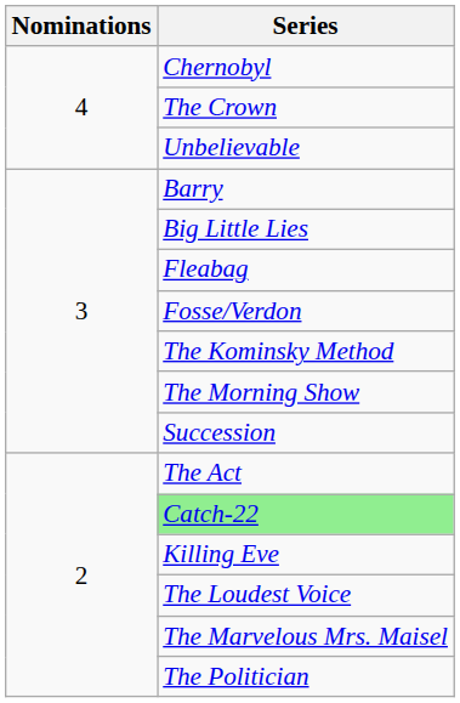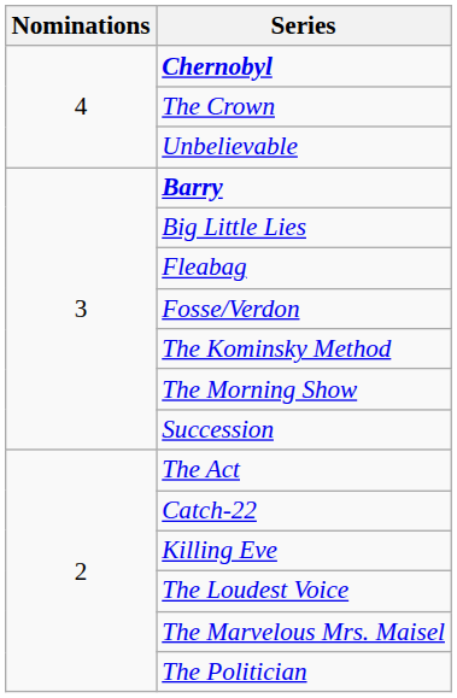 <table class="wikitable">
 <tr>
 <th scope="col" style="width:55px;">Nominations</th>
 <th scope="col" style="text-align:center;">Series</th>
 </tr>
 <tr>
 <td rowspan="3" style="text-align:center">4</td>
-<td><em><a href='#'>Chernobyl</a></em></td>
+<td><strong><em><a href='#'>Chernobyl</a></em></strong></td>
 </tr>
 <tr>
 <td><em><a href='#'>The Crown</a></em></td>
 </tr>
 <tr>
 <td><em><a href='#'>Unbelievable</a></em></td>
 </tr>
 <tr>
 <td rowspan="7" style="text-align:center">3</td>
-<td><em><a href='#'>Barry</a></em></td>
+<td><strong><em><a href='#'>Barry</a></em></strong></td>
 </tr>
 <tr>
 <td><em><a href='#'>Big Little Lies</a></em></td>
 </tr>
 <tr>
 <td><em><a href='#'>Fleabag</a></em></td>
 </tr>
 <tr>
 <td><em><a href='#'>Fosse/Verdon</a></em></td>
 </tr>
 <tr>
 <td><em><a href='#'>The Kominsky Method</a></em></td>
 </tr>
 <tr>
 <td><em><a href='#'>The Morning Show</a></em></td>
 </tr>
 <tr>
 <td><em><a href='#'>Succession</a></em></td>
 </tr>
 <tr>
 <td rowspan="6" style="text-align:center">2</td>
 <td><em><a href='#'>The Act</a></em></td>
 </tr>
 <tr>
-<td style="background: lightgreen;"><em><a href='#'>Catch-22</a></em></td>
+<td><em><a href='#'>Catch-22</a></em></td>
 </tr>
 <tr>
 <td><em><a href='#'>Killing Eve</a></em></td>
 </tr>
 <tr>
 <td><em><a href='#'>The Loudest Voice</a></em></td>
 </tr>
 <tr>
 <td><em><a href='#'>The Marvelous Mrs. Maisel</a></em></td>
 </tr>
 <tr>
 <td><em><a href='#'>The Politician</a></em></td>
 </tr>
 </table>
